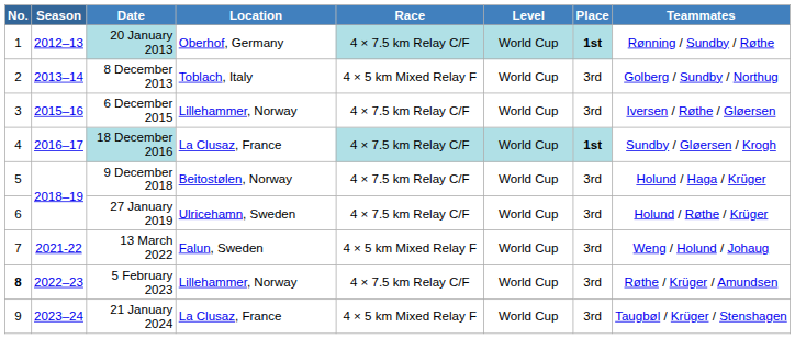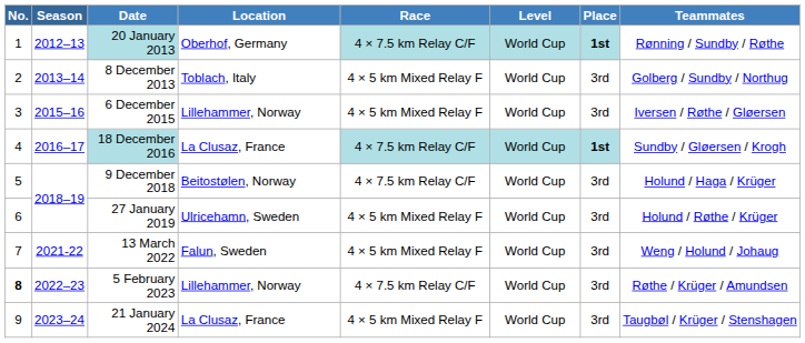 <table class="wikitable sortable" style="font-size:95%; text-align:center; border:grey solid 1px; border-collapse:collapse; background:#ffffff;">
 <tr style="background:#efefef;">
 <th style="background-color:#369; color:white;">No.</th>
 <th style="background-color:#369; color:white;">Season</th>
 <th style="background-color:#4180be; color:white; width:100px;">Date</th>
 <th style="background-color:#4180be; color:white; width:185px;">Location</th>
 <th style="background-color:#4180be; color:white; width:170px;">Race</th>
 <th style="background-color:#4180be; color:white; width:100px;">Level</th>
 <th style="background-color:#4180be; color:white;">Place</th>
 <th style="background-color:#4180be; color:white;">Teammates</th>
 </tr>
 <tr>
 <td align=center>1</td>
 <td rowspan=1 align=center><a href='#'>2012–13</a></td>
 <td bgcolor="#BOEOE6" align=right>20 January 2013</td>
 <td align=left> <a href='#'>Oberhof</a>, Germany</td>
 <td bgcolor="#BOEOE6">4 × 7.5 km Relay C/F</td>
 <td bgcolor="#BOEOE6">World Cup</td>
 <td bgcolor="#BOEOE6"><strong>1st</strong></td>
 <td><a href='#'>Rønning</a> / <a href='#'>Sundby</a> / <a href='#'>Røthe</a></td>
 </tr>
 <tr>
 <td align=center>2</td>
 <td rowspan=1 align=center><a href='#'>2013–14</a></td>
 <td align=right>8 December 2013</td>
 <td align=left> <a href='#'>Toblach</a>, Italy</td>
 <td>4 × 5 km Mixed Relay F</td>
 <td>World Cup</td>
 <td>3rd</td>
 <td><a href='#'>Golberg</a> / <a href='#'>Sundby</a> / <a href='#'>Northug</a></td>
 </tr>
 <tr>
 <td align=center>3</td>
 <td rowspan=1 align=center><a href='#'>2015–16</a></td>
 <td align=right>6 December 2015</td>
 <td align=left> <a href='#'>Lillehammer</a>, Norway</td>
-<td>4 × 7.5 km Relay C/F</td>
+<td>4 × 5 km Mixed Relay F</td>
 <td>World Cup</td>
 <td>3rd</td>
 <td><a href='#'>Iversen</a> / <a href='#'>Røthe</a> / <a href='#'>Gløersen</a></td>
 </tr>
 <tr>
 <td align=center>4</td>
 <td rowspan=1 align=center><a href='#'>2016–17</a></td>
 <td bgcolor="#BOEOE6" align=right>18 December 2016</td>
 <td align=left> <a href='#'>La Clusaz</a>, France</td>
 <td bgcolor="#BOEOE6">4 × 7.5 km Relay C/F</td>
 <td bgcolor="#BOEOE6">World Cup</td>
 <td bgcolor="#BOEOE6"><strong>1st</strong></td>
 <td><a href='#'>Sundby</a> / <a href='#'>Gløersen</a> / <a href='#'>Krogh</a></td>
 </tr>
 <tr>
 <td align=center>5</td>
 <td rowspan=2 align=center><a href='#'>2018–19</a></td>
 <td align=right>9 December 2018</td>
 <td align=left> <a href='#'>Beitostølen</a>, Norway</td>
 <td>4 × 7.5 km Relay C/F</td>
 <td>World Cup</td>
 <td>3rd</td>
 <td><a href='#'>Holund</a> / <a href='#'>Haga</a> / <a href='#'>Krüger</a></td>
 </tr>
 <tr>
 <td align=center>6</td>
 <td align=right>27 January 2019</td>
 <td align=left> <a href='#'>Ulricehamn</a>, Sweden</td>
-<td>4 × 7.5 km Relay C/F</td>
+<td>4 × 5 km Mixed Relay F</td>
 <td>World Cup</td>
 <td>3rd</td>
 <td><a href='#'>Holund</a> / <a href='#'>Røthe</a> / <a href='#'>Krüger</a></td>
 </tr>
 <tr>
 <td align=center>7</td>
 <td align=center><a href='#'>2021-22</a></td>
 <td align=right>13 March 2022</td>
 <td align=left> <a href='#'>Falun</a>, Sweden</td>
 <td>4 × 5 km Mixed Relay F</td>
 <td>World Cup</td>
 <td>3rd</td>
 <td><a href='#'>Weng</a> / <a href='#'>Holund</a> / <a href='#'>Johaug</a></td>
 </tr>
 <tr>
 <td align=center><strong>8</strong></td>
 <td align=center><a href='#'>2022–23</a></td>
 <td align=right>5 February 2023</td>
 <td align=left> <a href='#'>Lillehammer</a>, Norway</td>
 <td>4 × 7.5 km Relay C/F</td>
 <td>World Cup</td>
 <td>3rd</td>
 <td><a href='#'>Røthe</a> / <a href='#'>Krüger</a> / <a href='#'>Amundsen</a></td>
 </tr>
 <tr>
 <td align=center>9</td>
 <td rowspan=1 align=center><a href='#'>2023–24</a></td>
 <td align=right>21 January 2024</td>
 <td align=left> <a href='#'>La Clusaz</a>, France</td>
 <td>4 × 5 km Mixed Relay F</td>
 <td>World Cup</td>
 <td>3rd</td>
 <td><a href='#'>Taugbøl</a> / <a href='#'>Krüger</a> / <a href='#'>Stenshagen</a></td>
 </tr>
 </table>
